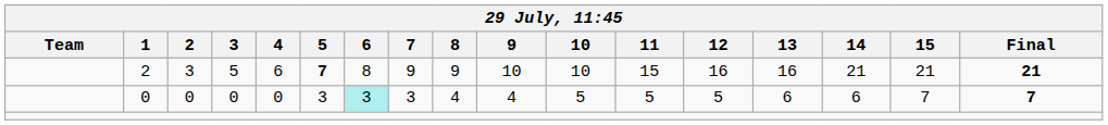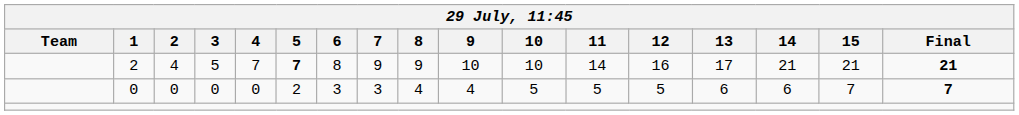 <table class=wikitable style="text-align:center; width: 55%">
 <tr>
 <th colspan=17><em>29 July, 11:45</em></th>
 </tr>
 <tr>
 <th>Team</th>
 <th>1</th>
 <th>2</th>
 <th>3</th>
 <th>4</th>
 <th>5</th>
 <th>6</th>
 <th>7</th>
 <th>8</th>
 <th>9</th>
 <th>10</th>
 <th>11</th>
 <th>12</th>
 <th>13</th>
 <th>14</th>
 <th>15</th>
 <th>Final</th>
 </tr>
 <tr>
 <td align=left><strong></strong></td>
 <td>2</td>
-<td>3</td>
+<td>4</td>
 <td>5</td>
-<td>6</td>
+<td>7</td>
 <td><strong>7</strong></td>
 <td>8</td>
 <td>9</td>
 <td>9</td>
 <td>10</td>
 <td>10</td>
-<td>15</td>
+<td>14</td>
 <td>16</td>
-<td>16</td>
+<td>17</td>
 <td>21</td>
 <td>21</td>
 <td><strong>21</strong></td>
 </tr>
 <tr>
 <td align=left></td>
 <td>0</td>
 <td>0</td>
 <td>0</td>
 <td>0</td>
+<td>2</td>
 <td>3</td>
-<td style="background: paleturquoise;">3</td>
 <td>3</td>
 <td>4</td>
 <td>4</td>
 <td>5</td>
 <td>5</td>
 <td>5</td>
 <td>6</td>
 <td>6</td>
 <td>7</td>
 <td><strong>7</strong></td>
 </tr>
 <tr>
 <td colspan=17></td>
 </tr>
 </table>
